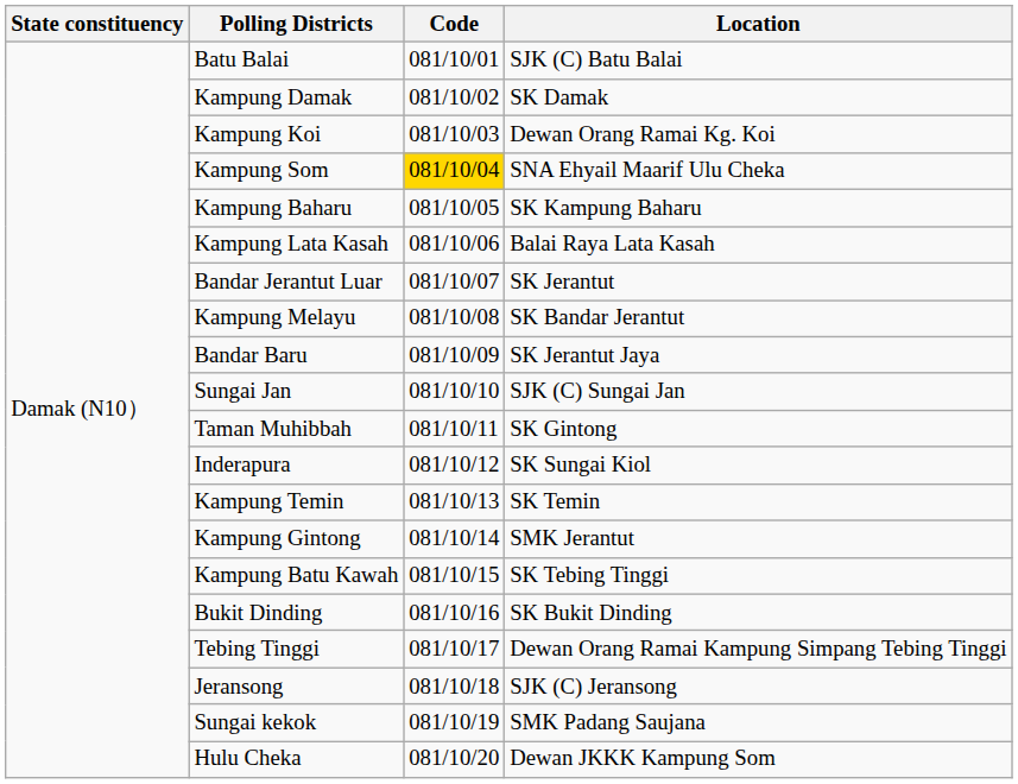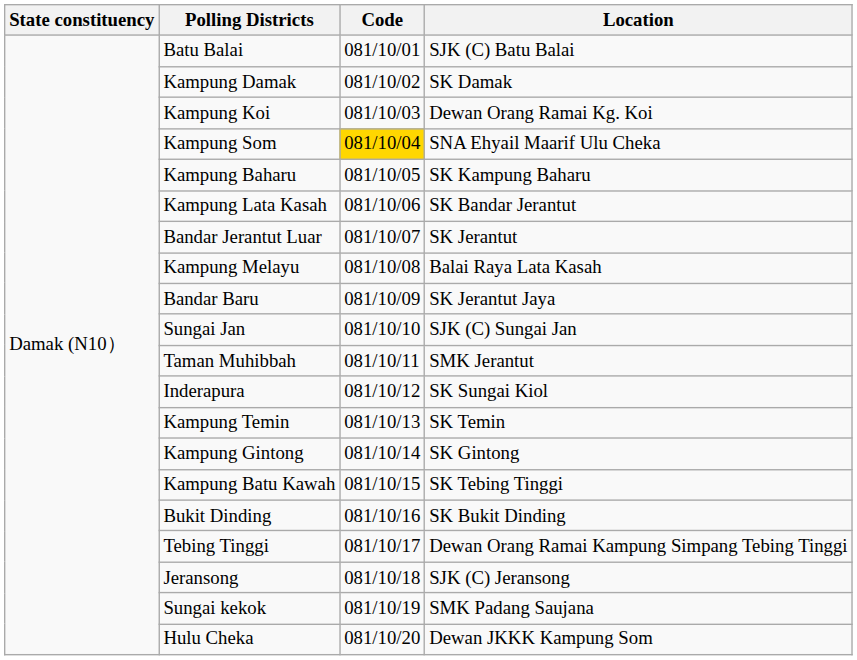 <table class="wikitable sortable mw-collapsible" style="white-space:nowrap;font-size:85%">
 <tr>
 <th>State constituency</th>
 <th>Polling Districts</th>
 <th>Code</th>
 <th>Location</th>
 </tr>
 <tr>
 <td rowspan="20">Damak (N10）</td>
 <td>Batu Balai</td>
 <td>081/10/01</td>
 <td>SJK (C) Batu Balai</td>
 </tr>
 <tr>
 <td>Kampung Damak</td>
 <td>081/10/02</td>
 <td>SK Damak</td>
 </tr>
 <tr>
 <td>Kampung Koi</td>
 <td>081/10/03</td>
 <td>Dewan Orang Ramai Kg. Koi</td>
 </tr>
 <tr>
 <td>Kampung Som</td>
 <td style="background: gold;">081/10/04</td>
 <td>SNA Ehyail Maarif Ulu Cheka</td>
 </tr>
 <tr>
 <td>Kampung Baharu</td>
 <td>081/10/05</td>
 <td>SK Kampung Baharu</td>
 </tr>
 <tr>
 <td>Kampung Lata Kasah</td>
 <td>081/10/06</td>
-<td>Balai Raya Lata Kasah</td>
+<td>SK Bandar Jerantut</td>
 </tr>
 <tr>
 <td>Bandar Jerantut Luar</td>
 <td>081/10/07</td>
 <td>SK Jerantut</td>
 </tr>
 <tr>
 <td>Kampung Melayu</td>
 <td>081/10/08</td>
-<td>SK Bandar Jerantut</td>
+<td>Balai Raya Lata Kasah</td>
 </tr>
 <tr>
 <td>Bandar Baru</td>
 <td>081/10/09</td>
 <td>SK Jerantut Jaya</td>
 </tr>
 <tr>
 <td>Sungai Jan</td>
 <td>081/10/10</td>
 <td>SJK (C) Sungai Jan</td>
 </tr>
 <tr>
 <td>Taman Muhibbah</td>
 <td>081/10/11</td>
-<td>SK Gintong</td>
+<td>SMK Jerantut</td>
 </tr>
 <tr>
 <td>Inderapura</td>
 <td>081/10/12</td>
 <td>SK Sungai Kiol</td>
 </tr>
 <tr>
 <td>Kampung Temin</td>
 <td>081/10/13</td>
 <td>SK Temin</td>
 </tr>
 <tr>
 <td>Kampung Gintong</td>
 <td>081/10/14</td>
-<td>SMK Jerantut</td>
+<td>SK Gintong</td>
 </tr>
 <tr>
 <td>Kampung Batu Kawah</td>
 <td>081/10/15</td>
 <td>SK Tebing Tinggi</td>
 </tr>
 <tr>
 <td>Bukit Dinding</td>
 <td>081/10/16</td>
 <td>SK Bukit Dinding</td>
 </tr>
 <tr>
 <td>Tebing Tinggi</td>
 <td>081/10/17</td>
 <td>Dewan Orang Ramai Kampung Simpang Tebing Tinggi</td>
 </tr>
 <tr>
 <td>Jeransong</td>
 <td>081/10/18</td>
 <td>SJK (C) Jeransong</td>
 </tr>
 <tr>
 <td>Sungai kekok</td>
 <td>081/10/19</td>
 <td>SMK Padang Saujana</td>
 </tr>
 <tr>
 <td>Hulu Cheka</td>
 <td>081/10/20</td>
 <td>Dewan JKKK Kampung Som</td>
 </tr>
 </table>
